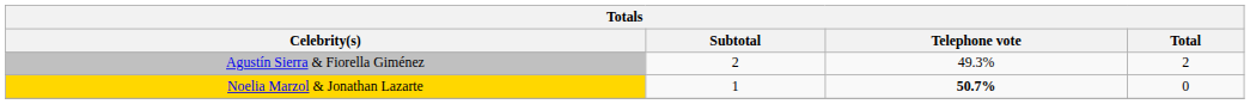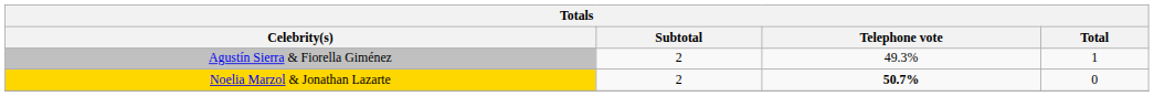 <table class="wikitable collapsible collapsed" style="font-size:90%; text-align: center; width: 100%">
 <tr>
 <th colspan="11" style="with: 95%" align=center>Totals</th>
 </tr>
 <tr>
 <th>Celebrity(s)</th>
 <th>Subtotal</th>
 <th>Telephone vote</th>
 <th>Total</th>
 </tr>
 <tr>
 <td bgcolor="silver"><a href='#'>Agustín Sierra</a> & Fiorella Giménez</td>
 <td>2</td>
 <td>49.3%</td>
-<td>2</td>
+<td>1</td>
 </tr>
 <tr>
 <td bgcolor="gold"><a href='#'>Noelia Marzol</a> & Jonathan Lazarte</td>
-<td>1</td>
+<td>2</td>
 <td><strong>50.7%</strong></td>
 <td>0</td>
 </tr>
 <tr>
 </tr>
 </table>
